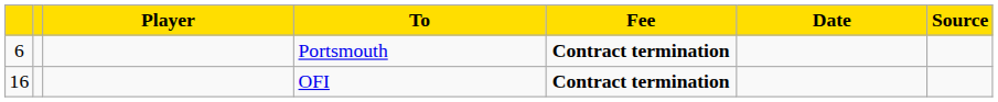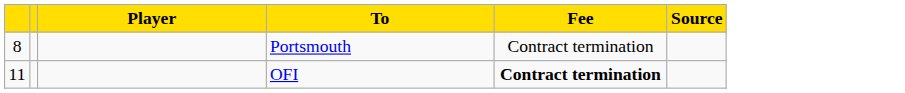 <table class="wikitable sortable">
 <tr>
 <th style="background:#FFDE00"></th>
 <th style="background:#FFDE00"></th>
 <th width=200 style="background:#FFDE00">Player</th>
 <th width=200 style="background:#FFDE00">To</th>
 <th width=150 style="background:#FFDE00">Fee</th>
-<th width=150 style="background:#FFDE00">Date</th>
 <th style="background:#FFDE00">Source</th>
 </tr>
 <tr>
-<td align=center>6</td>
+<td align=center>8</td>
 <td align=center></td>
 <td></td>
 <td> <a href='#'>Portsmouth</a></td>
-<td align=center><strong>Contract termination</strong></td>
-<td align=center></td>
+<td align=center>Contract termination</td>
 <td align=center></td>
 </tr>
 <tr>
-<td align=center>16</td>
+<td align=center>11</td>
 <td align=center></td>
 <td></td>
 <td> <a href='#'>OFI</a></td>
 <td align=center><strong>Contract termination</strong></td>
 <td align=center></td>
-<td align=center></td>
 </tr>
 </table>
